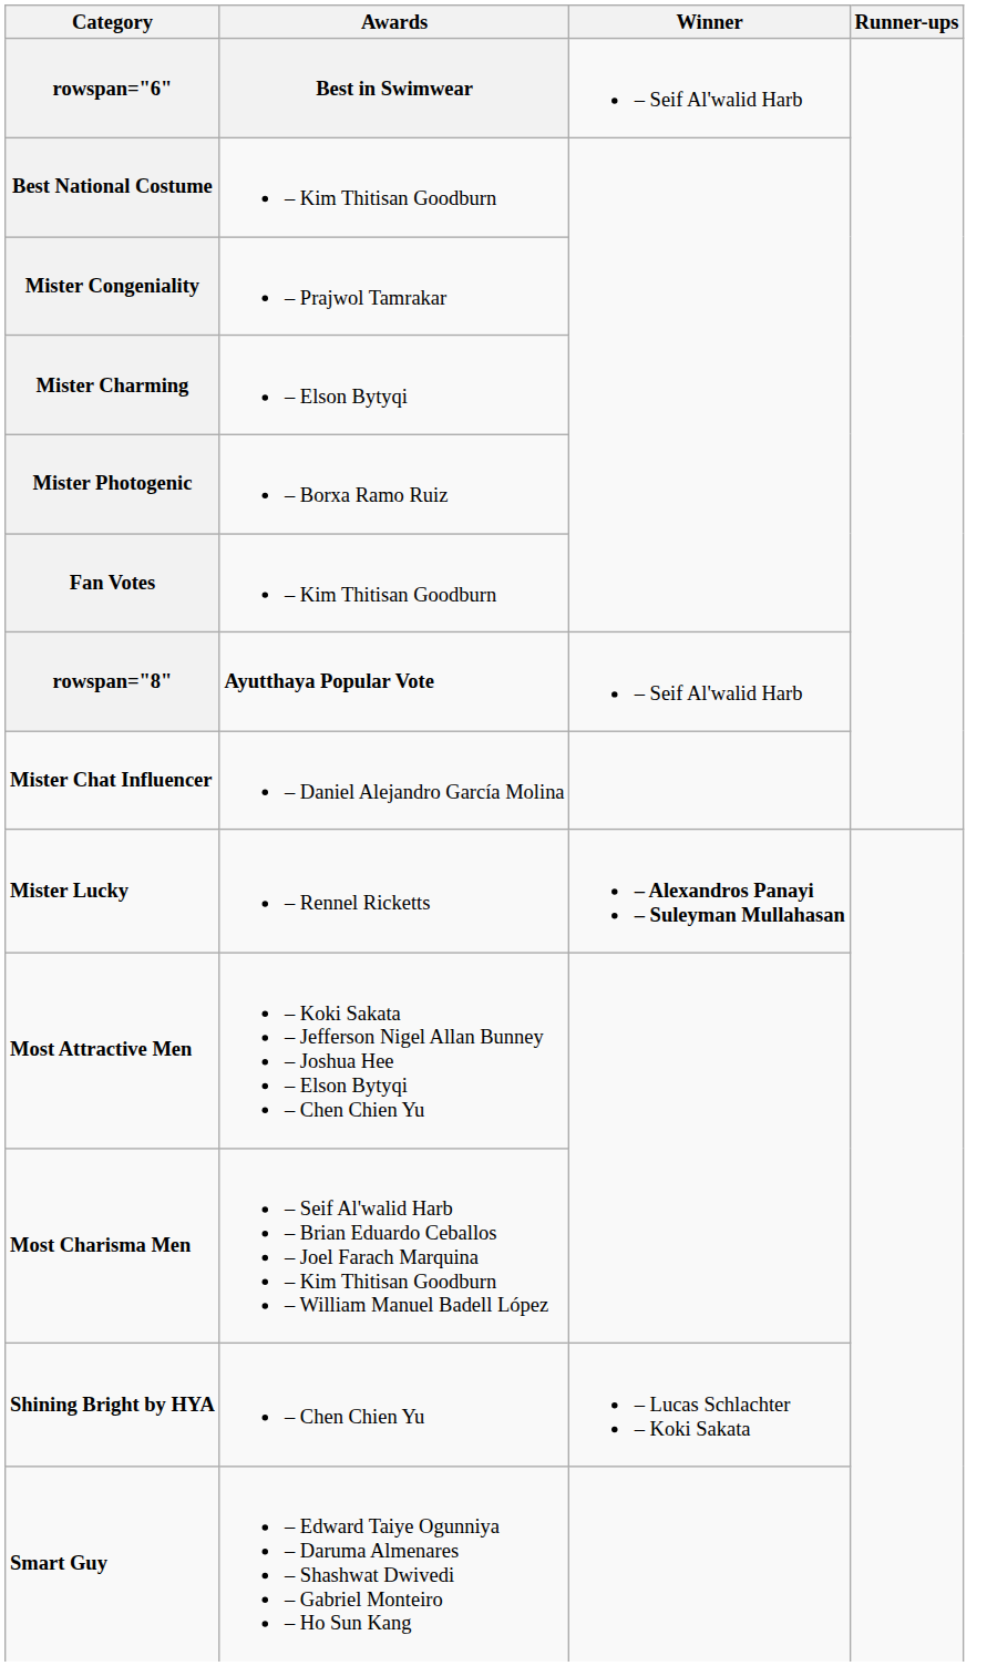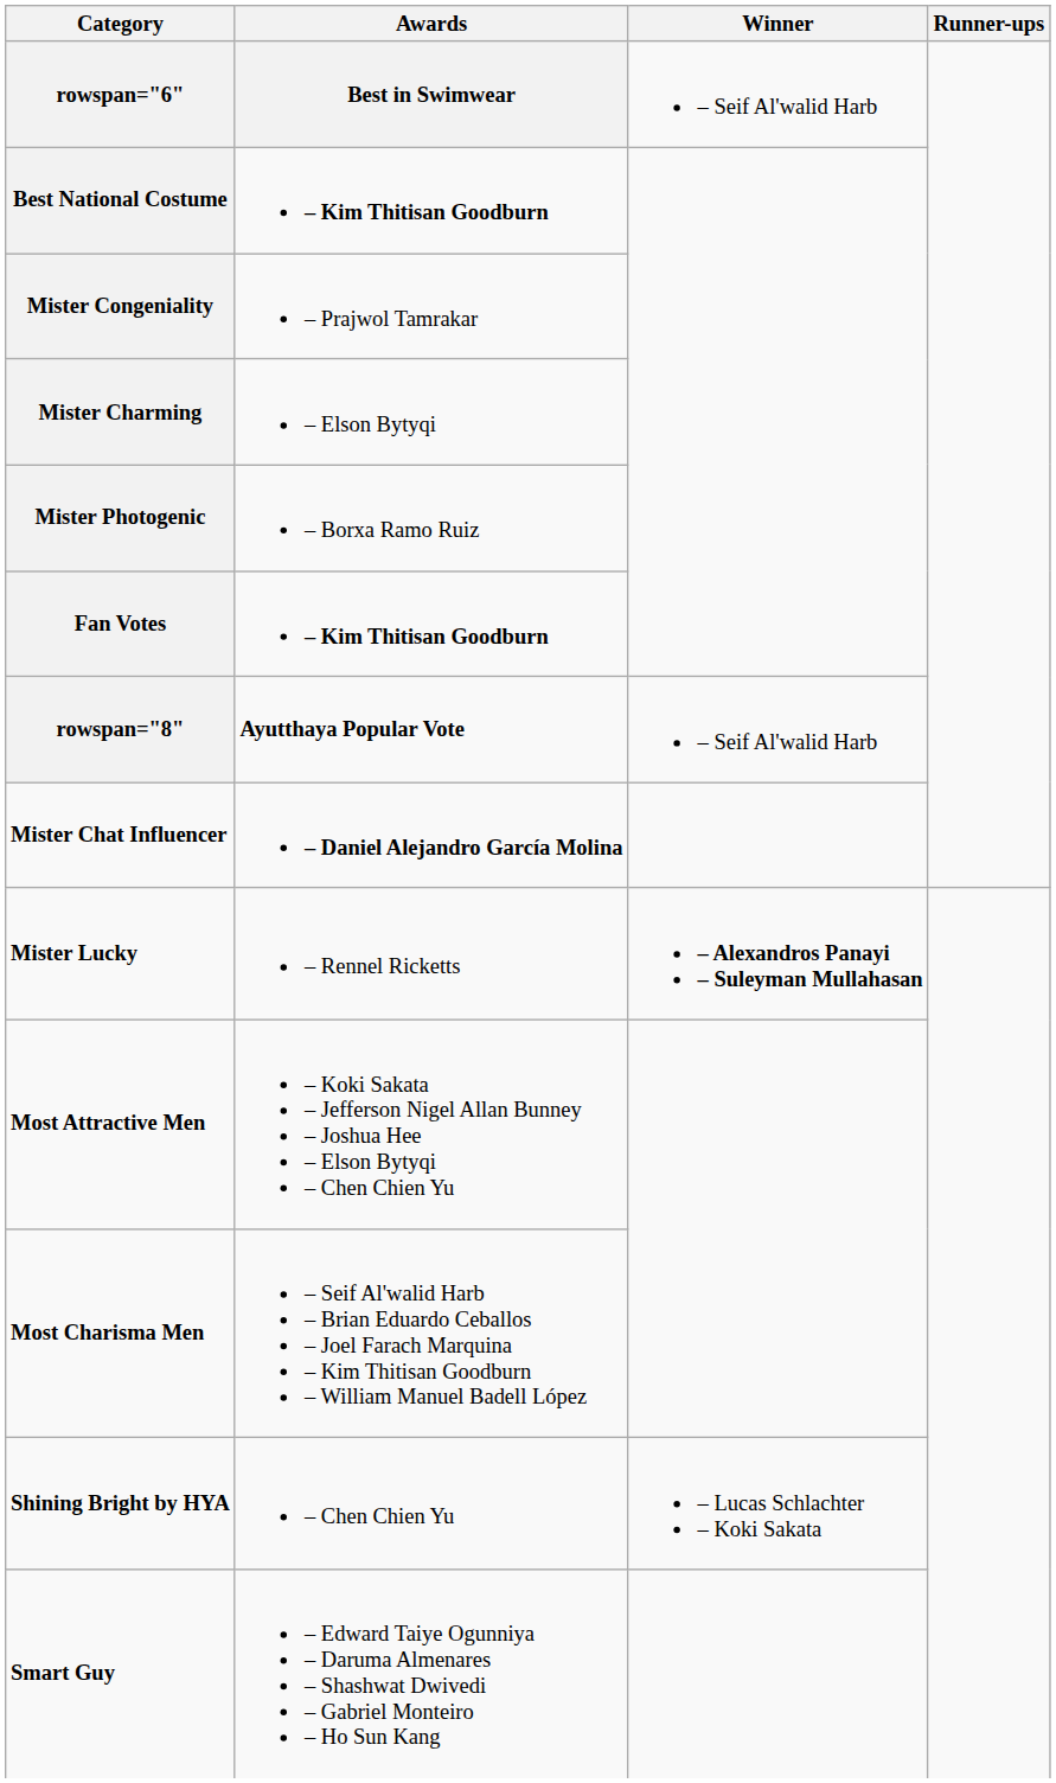 <table class="wikitable" style="font-size: 85%;">
 <tr>
 <th>Category</th>
 <th>Awards</th>
 <th>Winner</th>
 <th>Runner-ups</th>
 </tr>
 <tr>
 <th>rowspan="6" </th>
 <th><strong>Best in Swimwear</strong></th>
 <td><br><ul><li> – Seif Al'walid Harb</li></ul></td>
 <td rowspan="8"></td>
 </tr>
 <tr>
 <th><strong>Best National Costume</strong></th>
-<td><br><ul><li> – Kim Thitisan Goodburn</li></ul></td>
+<td><strong><br><ul><li> – Kim Thitisan Goodburn</li></ul></strong></td>
 </tr>
 <tr>
 <th><strong>Mister Congeniality</strong></th>
 <td><br><ul><li> – Prajwol Tamrakar</li></ul></td>
 </tr>
 <tr>
 <th><strong>Mister Charming</strong></th>
 <td><br><ul><li> – Elson Bytyqi</li></ul></td>
 </tr>
 <tr>
 <th><strong>Mister Photogenic</strong></th>
 <td><br><ul><li> – Borxa Ramo Ruiz</li></ul></td>
 </tr>
 <tr>
 <th>Fan Votes</th>
-<td><br><ul><li> – Kim Thitisan Goodburn</li></ul></td>
+<td><strong><br><ul><li> – Kim Thitisan Goodburn</li></ul></strong></td>
 </tr>
 <tr>
 <th>rowspan="8" </th>
 <td><strong>Ayutthaya Popular Vote</strong></td>
 <td><br><ul><li> – Seif Al'walid Harb</li></ul></td>
 </tr>
 <tr>
 <td><strong>Mister Chat Influencer</strong></td>
-<td><br><ul><li> – 	Daniel Alejandro García Molina</li></ul></td>
+<td><strong><br><ul><li> – 	Daniel Alejandro García Molina</li></ul></strong></td>
 </tr>
 <tr>
 <td><strong>Mister Lucky</strong></td>
 <td><br><ul><li> – Rennel Ricketts</li></ul></td>
 <td><strong><br><ul><li> – Alexandros Panayi</li><li> – Suleyman Mullahasan</li></ul></strong></td>
 </tr>
 <tr>
 <td><strong>Most Attractive Men</strong></td>
 <td><br><ul><li> – Koki Sakata</li><li> – Jefferson Nigel Allan Bunney</li><li> – Joshua Hee</li><li> – Elson Bytyqi</li><li> – Chen Chien Yu</li></ul></td>
 <td rowspan="2"></td>
 </tr>
 <tr>
 <td><strong>Most Charisma Men</strong></td>
 <td><br><ul><li> – Seif Al'walid Harb</li><li> – Brian Eduardo Ceballos</li><li> – Joel Farach Marquina</li><li> – Kim Thitisan Goodburn</li><li> – William Manuel Badell López</li></ul></td>
 </tr>
 <tr>
 <td><strong>Shining  Bright by HYA</strong></td>
 <td><br><ul><li> – Chen Chien Yu</li></ul></td>
 <td><br><ul><li> – Lucas Schlachter</li><li> – Koki Sakata</li></ul></td>
 </tr>
 <tr>
 <td><strong>Smart Guy</strong></td>
 <td><br><ul><li> – Edward Taiye Ogunniya</li><li> – Daruma Almenares</li><li> – Shashwat Dwivedi</li><li> – Gabriel Monteiro</li><li> – Ho Sun Kang</li></ul></td>
 <td></td>
 </tr>
 <tr>
 </tr>
 </table>
